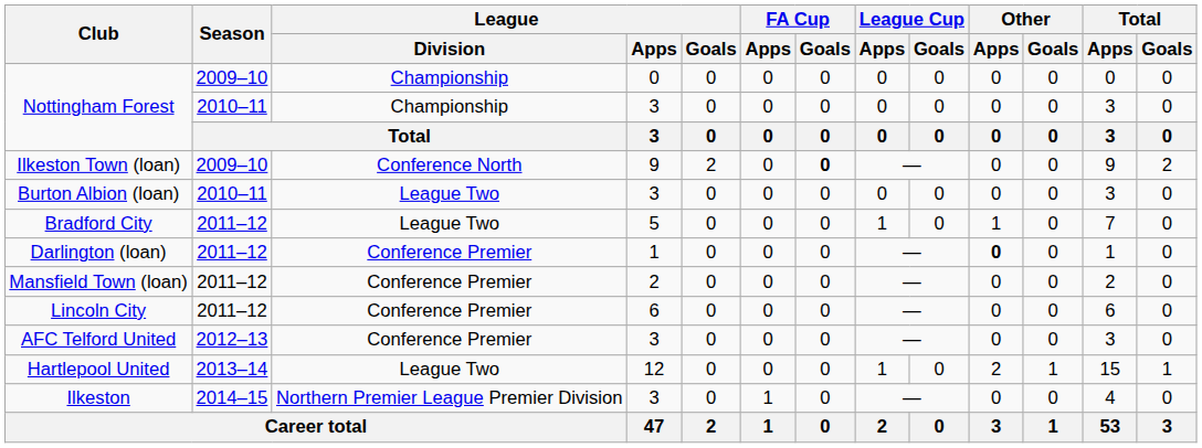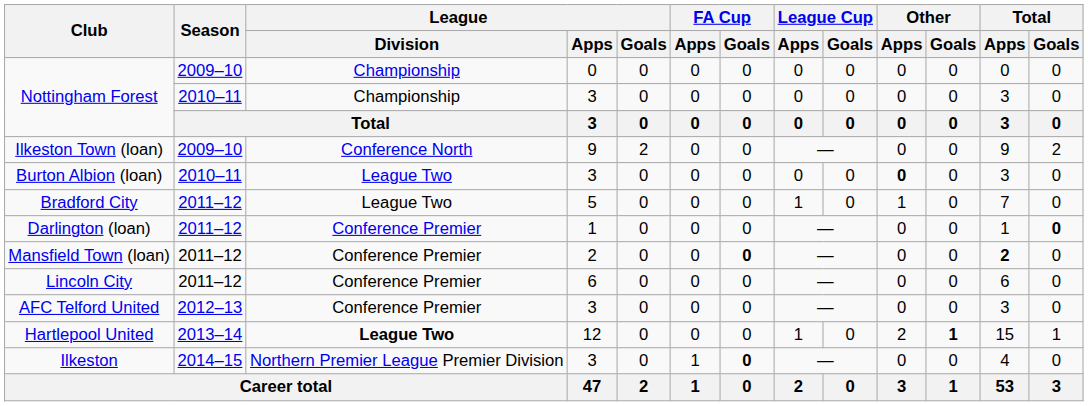 <table class=wikitable style=text-align:center>
 <tr>
 <th rowspan="2">Club</th>
 <th rowspan="2">Season</th>
 <th colspan="3">League</th>
 <th colspan="2"><a href='#'>FA Cup</a></th>
 <th colspan="2"><a href='#'>League Cup</a></th>
 <th colspan="2">Other</th>
 <th colspan="2">Total</th>
 </tr>
 <tr>
 <th>Division</th>
 <th>Apps</th>
 <th>Goals</th>
 <th>Apps</th>
 <th>Goals</th>
 <th>Apps</th>
 <th>Goals</th>
 <th>Apps</th>
 <th>Goals</th>
 <th>Apps</th>
 <th>Goals</th>
 </tr>
 <tr>
 <td rowspan="3"><a href='#'>Nottingham Forest</a></td>
 <td><a href='#'>2009–10</a></td>
 <td><a href='#'>Championship</a></td>
 <td>0</td>
 <td>0</td>
 <td>0</td>
 <td>0</td>
 <td>0</td>
 <td>0</td>
 <td>0</td>
 <td>0</td>
 <td>0</td>
 <td>0</td>
 </tr>
 <tr>
 <td><a href='#'>2010–11</a></td>
 <td>Championship</td>
 <td>3</td>
 <td>0</td>
 <td>0</td>
 <td>0</td>
 <td>0</td>
 <td>0</td>
 <td>0</td>
 <td>0</td>
 <td>3</td>
 <td>0</td>
 </tr>
 <tr>
 <th colspan="2">Total</th>
 <th>3</th>
 <th>0</th>
 <th>0</th>
 <th>0</th>
 <th>0</th>
 <th>0</th>
 <th>0</th>
 <th>0</th>
 <th>3</th>
 <th>0</th>
 </tr>
 <tr>
 <td rowspan="1"><a href='#'>Ilkeston Town</a> (loan)</td>
 <td><a href='#'>2009–10</a></td>
 <td><a href='#'>Conference North</a></td>
 <td>9</td>
 <td>2</td>
 <td>0</td>
-<td><strong>0</strong></td>
+<td>0</td>
 <td colspan="2">—</td>
 <td>0</td>
 <td>0</td>
 <td>9</td>
 <td>2</td>
 </tr>
 <tr>
 <td rowspan="1"><a href='#'>Burton Albion</a> (loan)</td>
 <td><a href='#'>2010–11</a></td>
 <td><a href='#'>League Two</a></td>
 <td>3</td>
 <td>0</td>
 <td>0</td>
 <td>0</td>
 <td>0</td>
 <td>0</td>
-<td>0</td>
+<td><strong>0</strong></td>
 <td>0</td>
 <td>3</td>
 <td>0</td>
 </tr>
 <tr>
 <td rowspan="1"><a href='#'>Bradford City</a></td>
 <td><a href='#'>2011–12</a></td>
 <td>League Two</td>
 <td>5</td>
 <td>0</td>
 <td>0</td>
 <td>0</td>
 <td>1</td>
 <td>0</td>
 <td>1</td>
 <td>0</td>
 <td>7</td>
 <td>0</td>
 </tr>
 <tr>
 <td rowspan="1"><a href='#'>Darlington</a> (loan)</td>
 <td><a href='#'>2011–12</a></td>
 <td><a href='#'>Conference Premier</a></td>
 <td>1</td>
 <td>0</td>
 <td>0</td>
 <td>0</td>
 <td colspan="2">—</td>
-<td><strong>0</strong></td>
+<td>0</td>
 <td>0</td>
 <td>1</td>
-<td>0</td>
+<td><strong>0</strong></td>
 </tr>
 <tr>
 <td rowspan="1"><a href='#'>Mansfield Town</a> (loan)</td>
 <td>2011–12</td>
 <td>Conference Premier</td>
 <td>2</td>
 <td>0</td>
 <td>0</td>
-<td>0</td>
+<td><strong>0</strong></td>
 <td colspan="2">—</td>
 <td>0</td>
 <td>0</td>
-<td>2</td>
+<td><strong>2</strong></td>
 <td>0</td>
 </tr>
 <tr>
 <td rowspan="1"><a href='#'>Lincoln City</a></td>
 <td>2011–12</td>
 <td>Conference Premier</td>
 <td>6</td>
 <td>0</td>
 <td>0</td>
 <td>0</td>
 <td colspan="2">—</td>
 <td>0</td>
 <td>0</td>
 <td>6</td>
 <td>0</td>
 </tr>
 <tr>
 <td rowspan="1"><a href='#'>AFC Telford United</a></td>
 <td><a href='#'>2012–13</a></td>
 <td>Conference Premier</td>
 <td>3</td>
 <td>0</td>
 <td>0</td>
 <td>0</td>
 <td colspan="2">—</td>
 <td>0</td>
 <td>0</td>
 <td 0>3</td>
 <td>0</td>
 </tr>
 <tr>
 <td rowspan="1"><a href='#'>Hartlepool United</a></td>
 <td><a href='#'>2013–14</a></td>
-<td>League Two</td>
+<td><strong>League Two</strong></td>
 <td>12</td>
 <td>0</td>
 <td>0</td>
 <td>0</td>
 <td>1</td>
 <td>0</td>
 <td>2</td>
-<td>1</td>
+<td><strong>1</strong></td>
 <td>15</td>
 <td>1</td>
 </tr>
 <tr>
 <td><a href='#'>Ilkeston</a></td>
 <td><a href='#'>2014–15</a></td>
 <td><a href='#'>Northern Premier League</a> Premier Division</td>
 <td>3</td>
 <td>0</td>
 <td>1</td>
-<td>0</td>
+<td><strong>0</strong></td>
 <td colspan="2">—</td>
 <td>0</td>
 <td>0</td>
 <td>4</td>
 <td>0</td>
 </tr>
 <tr>
 <th colspan="3">Career total</th>
 <th>47</th>
 <th>2</th>
 <th>1</th>
 <th>0</th>
 <th>2</th>
 <th>0</th>
 <th>3</th>
 <th>1</th>
 <th>53</th>
 <th>3</th>
 </tr>
 </table>
